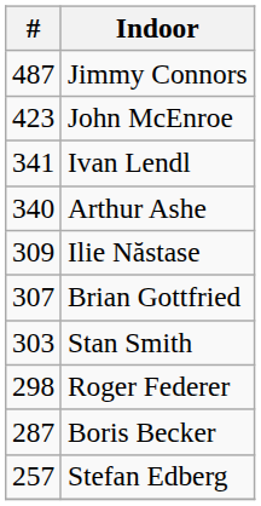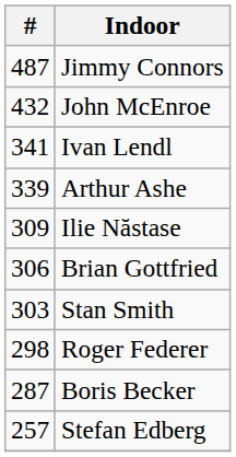 <table class="wikitable" style="display:inline-table;">
 <tr>
 <th width=20>#</th>
 <th>Indoor</th>
 </tr>
 <tr>
 <td>487</td>
 <td> Jimmy Connors</td>
 </tr>
 <tr>
-<td>423</td>
+<td>432</td>
 <td> John McEnroe</td>
 </tr>
 <tr>
 <td>341</td>
 <td> Ivan Lendl</td>
 </tr>
 <tr>
-<td>340</td>
+<td>339</td>
 <td> Arthur Ashe</td>
 </tr>
 <tr>
 <td>309</td>
 <td> Ilie Năstase</td>
 </tr>
 <tr>
-<td>307</td>
+<td>306</td>
 <td> Brian Gottfried</td>
 </tr>
 <tr>
 <td>303</td>
 <td> Stan Smith</td>
 </tr>
 <tr>
 <td>298</td>
 <td> Roger Federer</td>
 </tr>
 <tr>
 <td>287</td>
 <td> Boris Becker</td>
 </tr>
 <tr>
 <td>257</td>
 <td> Stefan Edberg</td>
 </tr>
 <tr>
 </tr>
 </table>
